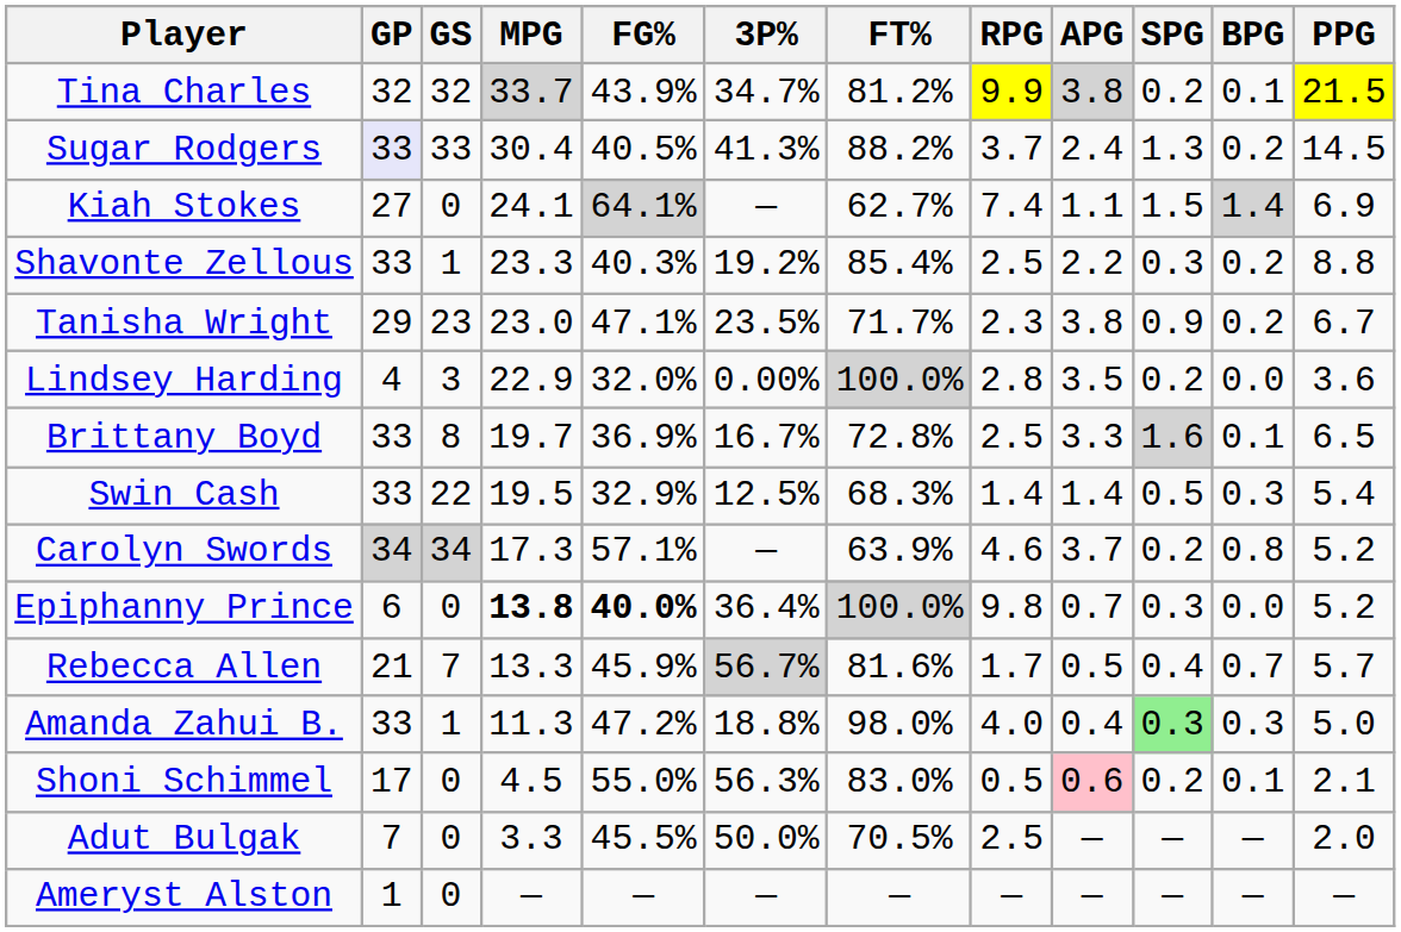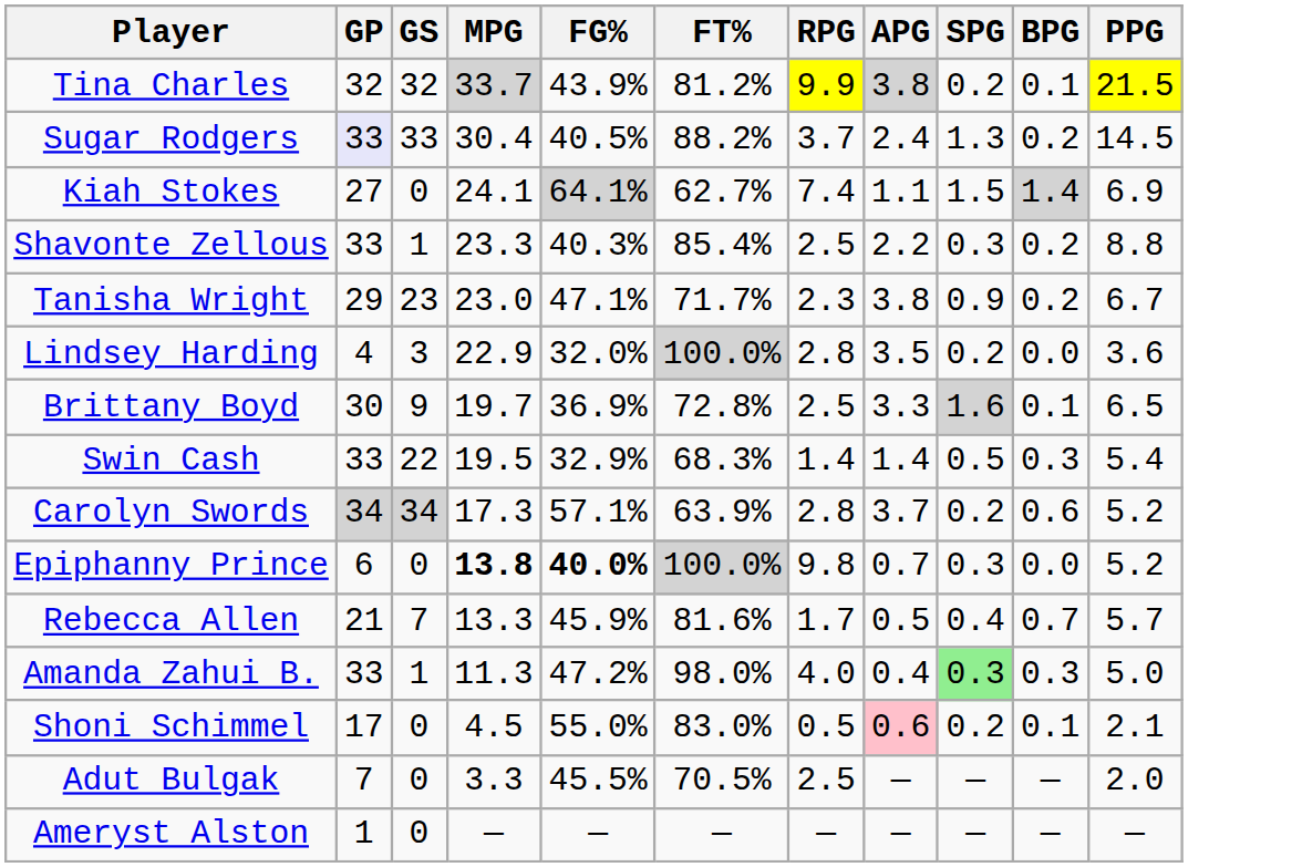 <table class="wikitable sortable" style="text-align:center;">
 <tr>
 <th>Player</th>
 <th>GP</th>
 <th>GS</th>
 <th>MPG</th>
 <th>FG%</th>
-<th>3P%</th>
 <th>FT%</th>
 <th>RPG</th>
 <th>APG</th>
 <th>SPG</th>
 <th>BPG</th>
 <th>PPG</th>
 </tr>
 <tr>
 <td><a href='#'>Tina Charles</a></td>
 <td>32</td>
 <td>32</td>
 <td style="background:#D3D3D3;">33.7</td>
 <td>43.9%</td>
-<td>34.7%</td>
 <td>81.2%</td>
 <td style="background:yellow;">9.9</td>
 <td style="background:#D3D3D3;">3.8</td>
 <td>0.2</td>
 <td>0.1</td>
 <td style="background:yellow;">21.5</td>
 </tr>
 <tr>
 <td><a href='#'>Sugar Rodgers</a></td>
 <td style="background: lavender;">33</td>
 <td>33</td>
 <td>30.4</td>
 <td>40.5%</td>
-<td>41.3%</td>
 <td>88.2%</td>
 <td>3.7</td>
 <td>2.4</td>
 <td>1.3</td>
 <td>0.2</td>
 <td>14.5</td>
 </tr>
 <tr>
 <td><a href='#'>Kiah Stokes</a></td>
 <td>27</td>
 <td>0</td>
 <td>24.1</td>
 <td style="background:#D3D3D3;">64.1%</td>
-<td>—</td>
 <td>62.7%</td>
 <td>7.4</td>
 <td>1.1</td>
 <td>1.5</td>
 <td style="background:#D3D3D3;">1.4</td>
 <td>6.9</td>
 </tr>
 <tr>
 <td><a href='#'>Shavonte Zellous</a></td>
 <td>33</td>
 <td>1</td>
 <td>23.3</td>
 <td>40.3%</td>
-<td>19.2%</td>
 <td>85.4%</td>
 <td>2.5</td>
 <td>2.2</td>
 <td>0.3</td>
 <td>0.2</td>
 <td>8.8</td>
 </tr>
 <tr>
 <td><a href='#'>Tanisha Wright</a></td>
 <td>29</td>
 <td>23</td>
 <td>23.0</td>
 <td>47.1%</td>
-<td>23.5%</td>
 <td>71.7%</td>
 <td>2.3</td>
 <td>3.8</td>
 <td>0.9</td>
 <td>0.2</td>
 <td>6.7</td>
 </tr>
 <tr>
 <td><a href='#'>Lindsey Harding</a></td>
 <td>4</td>
 <td>3</td>
 <td>22.9</td>
 <td>32.0%</td>
-<td>0.00%</td>
 <td style="background:#D3D3D3;">100.0%</td>
 <td>2.8</td>
 <td>3.5</td>
 <td>0.2</td>
 <td>0.0</td>
 <td>3.6</td>
 </tr>
 <tr>
 <td><a href='#'>Brittany Boyd</a></td>
-<td>33</td>
-<td>8</td>
+<td>30</td>
+<td>9</td>
 <td>19.7</td>
 <td>36.9%</td>
-<td>16.7%</td>
 <td>72.8%</td>
 <td>2.5</td>
 <td>3.3</td>
 <td style="background:#D3D3D3;">1.6</td>
 <td>0.1</td>
 <td>6.5</td>
 </tr>
 <tr>
 <td><a href='#'>Swin Cash</a></td>
 <td>33</td>
 <td>22</td>
 <td>19.5</td>
 <td>32.9%</td>
-<td>12.5%</td>
 <td>68.3%</td>
 <td>1.4</td>
 <td>1.4</td>
 <td>0.5</td>
 <td>0.3</td>
 <td>5.4</td>
 </tr>
 <tr>
 <td><a href='#'>Carolyn Swords</a></td>
 <td style="background:#D3D3D3;">34</td>
 <td style="background:#D3D3D3;">34</td>
 <td>17.3</td>
 <td>57.1%</td>
-<td>—</td>
 <td>63.9%</td>
-<td>4.6</td>
+<td>2.8</td>
 <td>3.7</td>
 <td>0.2</td>
-<td>0.8</td>
+<td>0.6</td>
 <td>5.2</td>
 </tr>
 <tr>
 <td><a href='#'>Epiphanny Prince</a></td>
 <td>6</td>
 <td>0</td>
 <td><strong>13.8</strong></td>
 <td><strong>40.0%</strong></td>
-<td>36.4%</td>
 <td style="background:#D3D3D3;">100.0%</td>
 <td>9.8</td>
 <td>0.7</td>
 <td>0.3</td>
 <td>0.0</td>
 <td>5.2</td>
 </tr>
 <tr>
 <td><a href='#'>Rebecca Allen</a></td>
 <td>21</td>
 <td>7</td>
 <td>13.3</td>
 <td>45.9%</td>
-<td style="background:#D3D3D3;">56.7%</td>
 <td>81.6%</td>
 <td>1.7</td>
 <td>0.5</td>
 <td>0.4</td>
 <td>0.7</td>
 <td>5.7</td>
 </tr>
 <tr>
 <td><a href='#'>Amanda Zahui B.</a></td>
 <td>33</td>
 <td>1</td>
 <td>11.3</td>
 <td>47.2%</td>
-<td>18.8%</td>
 <td>98.0%</td>
 <td>4.0</td>
 <td>0.4</td>
 <td style="background: lightgreen;">0.3</td>
 <td>0.3</td>
 <td>5.0</td>
 </tr>
 <tr>
 <td><a href='#'>Shoni Schimmel</a></td>
 <td>17</td>
 <td>0</td>
 <td>4.5</td>
 <td>55.0%</td>
-<td>56.3%</td>
 <td>83.0%</td>
 <td>0.5</td>
 <td style="background: pink;">0.6</td>
 <td>0.2</td>
 <td>0.1</td>
 <td>2.1</td>
 </tr>
 <tr>
 <td><a href='#'>Adut Bulgak</a></td>
 <td>7</td>
 <td>0</td>
 <td>3.3</td>
 <td>45.5%</td>
-<td>50.0%</td>
 <td>70.5%</td>
 <td>2.5</td>
 <td>—</td>
 <td>—</td>
 <td>—</td>
 <td>2.0</td>
 </tr>
 <tr>
 <td><a href='#'>Ameryst Alston</a></td>
 <td>1</td>
 <td>0</td>
 <td>—</td>
 <td>—</td>
 <td>—</td>
 <td>—</td>
 <td>—</td>
 <td>—</td>
 <td>—</td>
 <td>—</td>
-<td>—</td>
 </tr>
 </table>
